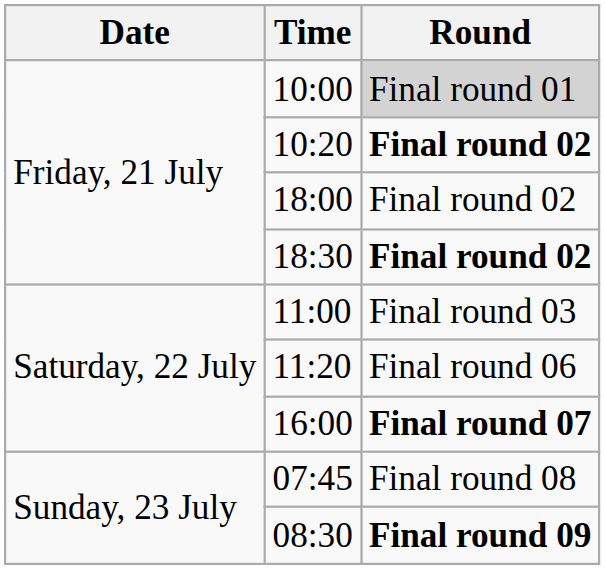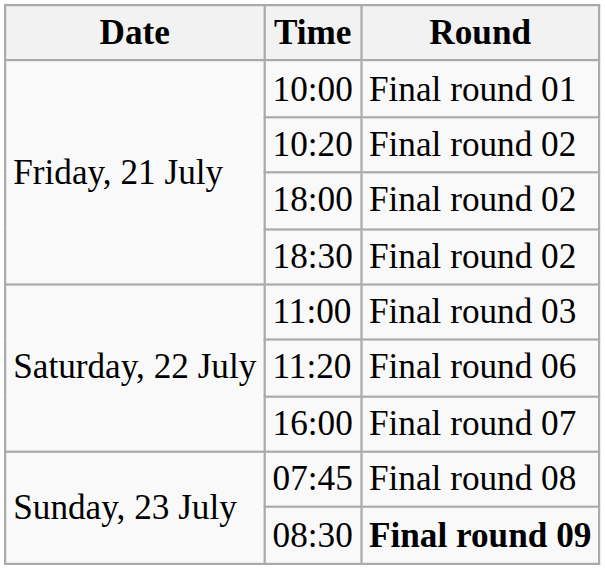 <table class="wikitable">
 <tr>
 <th>Date</th>
 <th>Time</th>
 <th>Round</th>
 </tr>
 <tr>
 <td rowspan=4>Friday, 21 July</td>
 <td>10:00</td>
-<td style="background: lightgrey;">Final round 01</td>
+<td>Final round 01</td>
 </tr>
 <tr>
 <td>10:20</td>
-<td><strong>Final round 02</strong></td>
+<td>Final round 02</td>
 </tr>
 <tr>
 <td>18:00</td>
 <td>Final round 02</td>
 </tr>
 <tr>
 <td>18:30</td>
-<td><strong>Final round 02</strong></td>
+<td>Final round 02</td>
 </tr>
 <tr>
 <td rowspan=3>Saturday, 22 July</td>
 <td>11:00</td>
 <td>Final round 03</td>
 </tr>
 <tr>
 <td>11:20</td>
 <td>Final round 06</td>
 </tr>
 <tr>
 <td>16:00</td>
-<td><strong>Final round 07</strong></td>
+<td>Final round 07</td>
 </tr>
 <tr>
 <td rowspan=2>Sunday, 23 July</td>
 <td>07:45</td>
 <td>Final round 08</td>
 </tr>
 <tr>
 <td>08:30</td>
 <td><strong>Final round 09</strong></td>
 </tr>
 </table>
